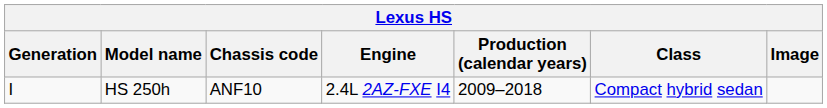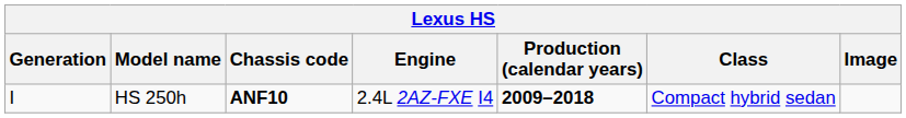 <table class="wikitable collapsible" style="font-size:97% style="width:90%; text-align:center">
 <tr>
 <th colspan=7 align=left><a href='#'>Lexus HS</a></th>
 </tr>
 <tr>
 <th>Generation</th>
 <th>Model name</th>
 <th>Chassis code</th>
 <th>Engine</th>
 <th>Production<br>(calendar years)</th>
 <th>Class</th>
 <th>Image</th>
 </tr>
 <tr>
 <td>I</td>
 <td>HS 250h</td>
-<td>ANF10</td>
+<td><strong>ANF10</strong></td>
 <td>2.4L <em><a href='#'>2AZ-FXE</a></em> <a href='#'>I4</a></td>
-<td>2009–2018</td>
+<td><strong>2009–2018</strong></td>
 <td><a href='#'>Compact</a> <a href='#'>hybrid</a> <a href='#'>sedan</a></td>
 <td></td>
 </tr>
 </table>
